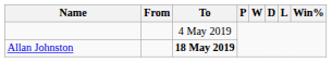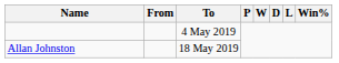 <table class="wikitable sortable" style="text-align: center;">
 <tr>
 <th style="width:12em">Name</th>
 <th>From</th>
 <th>To</th>
 <th>P</th>
 <th>W</th>
 <th>D</th>
 <th>L</th>
 <th>Win%</th>
 </tr>
 <tr>
 <td align=left></td>
 <td></td>
 <td>4 May 2019<br></td>
 </tr>
 <tr>
 <td align=left><a href='#'>Allan Johnston</a></td>
 <td></td>
-<td><strong>18 May 2019<br></strong></td>
+<td>18 May 2019<br></td>
 </tr>
 </table>
